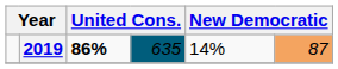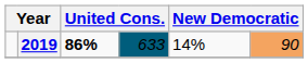 <table class="wikitable" style="float:right; width:400; font-size:90%; margin-left:1em;">
 <tr>
 <th colspan="2" scope="col">Year</th>
 <th colspan="2" scope="col"><a href='#'>United Cons.</a></th>
 <th colspan="2" scope="col"><a href='#'>New Democratic</a></th>
 </tr>
 <tr>
 <td style="width: 0.25em; background-color: "></td>
 <th><a href='#'>2019</a></th>
 <td><span> <strong>86%</strong></span></td>
-<td style="text-align:right; background:#005D7C;"><span> <em>635</em></span></td>
+<td style="text-align:right; background:#005D7C;"><span> <em>633</em></span></td>
 <td>14%</td>
-<td style="text-align:right; background:#F4A460;"><em>87</em></td>
+<td style="text-align:right; background:#F4A460;"><em>90</em></td>
 </tr>
 <tr>
 </tr>
 </table>
